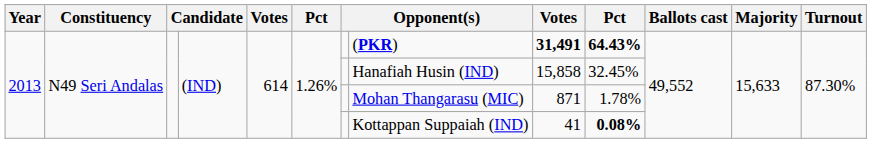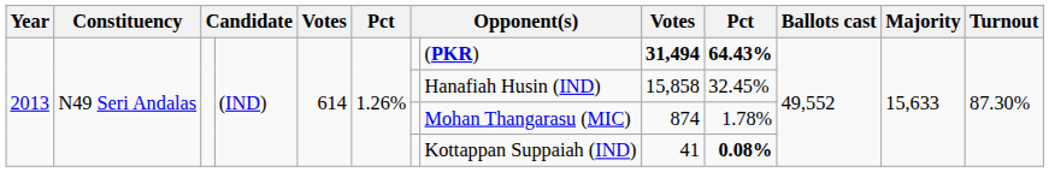 <table class="wikitable" style="margin:0.5em ; font-size:95%">
 <tr>
 <th>Year</th>
 <th>Constituency</th>
 <th colspan=2>Candidate</th>
 <th>Votes</th>
 <th>Pct</th>
 <th colspan=2>Opponent(s)</th>
 <th>Votes</th>
 <th>Pct</th>
 <th>Ballots cast</th>
 <th>Majority</th>
 <th>Turnout</th>
 </tr>
 <tr>
 <td rowspan=4><a href='#'>2013</a></td>
 <td rowspan=4>N49 <a href='#'>Seri Andalas</a></td>
 <td rowspan=4 ></td>
 <td rowspan=4> (<a href='#'>IND</a>)</td>
 <td rowspan=4 align=right>614</td>
 <td rowspan=4 align=right>1.26%</td>
 <td></td>
 <td> (<a href='#'><strong>PKR</strong></a>)</td>
-<td align=right><strong>31,491</strong></td>
+<td align=right><strong>31,494</strong></td>
 <td><strong>64.43%</strong></td>
 <td rowspan=4>49,552</td>
 <td rowspan=4>15,633</td>
 <td rowspan=4>87.30%</td>
 </tr>
 <tr>
 <td></td>
 <td>Hanafiah Husin (<a href='#'>IND</a>)</td>
 <td align=right>15,858</td>
 <td>32.45%</td>
 </tr>
 <tr>
 <td></td>
 <td><a href='#'>Mohan Thangarasu</a> (<a href='#'>MIC</a>)</td>
-<td align=right>871</td>
+<td align=right>874</td>
 <td align=right>1.78%</td>
 </tr>
 <tr>
 <td></td>
 <td>Kottappan Suppaiah (<a href='#'>IND</a>)</td>
 <td align=right>41</td>
 <td align=right><strong>0.08%</strong></td>
 </tr>
 </table>
